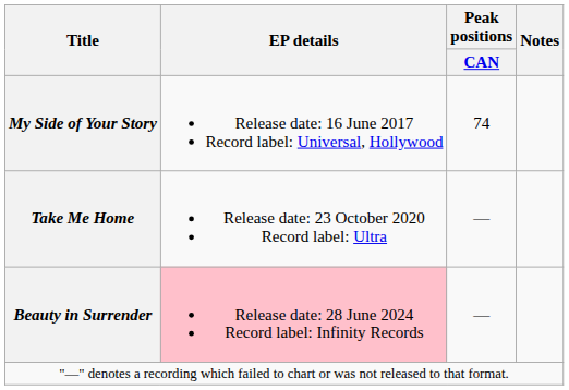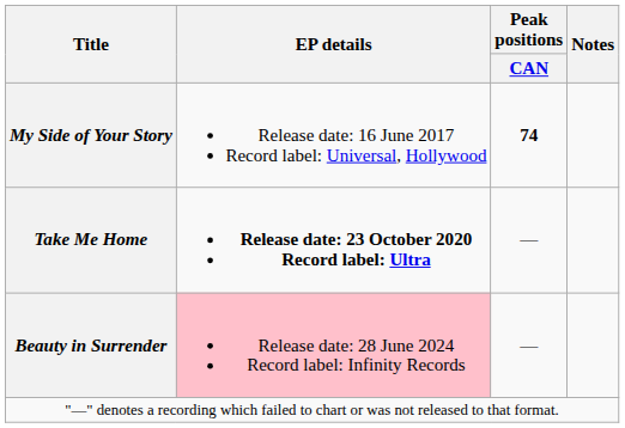 <table class="wikitable plainrowheaders" style="text-align:center;">
 <tr>
 <th scope="col" rowspan="2">Title</th>
 <th scope="col" rowspan="2">EP details</th>
 <th scope="col">Peak positions</th>
 <th scope="col" rowspan="2">Notes</th>
 </tr>
 <tr>
 <th scope="col" style="width:3em"><a href='#'>CAN</a><br></th>
 </tr>
 <tr>
 <th scope="row"><em>My Side of Your Story</em></th>
 <td><br><ul><li>Release date: 16 June 2017</li><li>Record label: <a href='#'>Universal</a>, <a href='#'>Hollywood</a></li></ul></td>
-<td>74</td>
+<td><strong>74</strong></td>
 <td></td>
 </tr>
 <tr>
 <th scope="row"><em>Take Me Home</em></th>
-<td><br><ul><li>Release date: 23 October 2020</li><li>Record label: <a href='#'>Ultra</a></li></ul></td>
+<td><strong><br><ul><li>Release date: 23 October 2020</li><li>Record label: <a href='#'>Ultra</a></li></ul></strong></td>
 <td>—</td>
 <td></td>
 </tr>
 <tr>
 <th scope="row"><em>Beauty in Surrender</em></th>
 <td style="background: pink;"><br><ul><li>Release date: 28 June 2024</li><li>Record label: Infinity Records</li></ul></td>
 <td>—</td>
 <td></td>
 </tr>
 <tr>
 <td colspan="5" style="font-size:85%;">"—" denotes a recording which failed to chart or was not released to that format.</td>
 </tr>
 </table>
